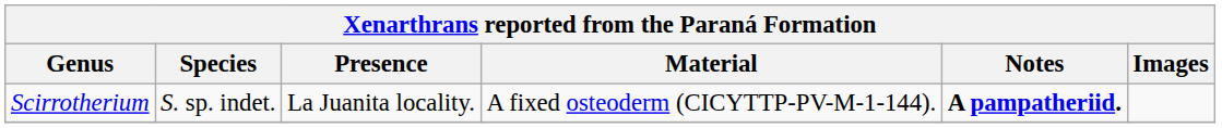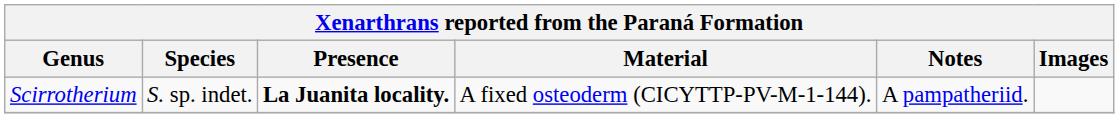 <table class="wikitable" align="center">
 <tr>
 <th colspan="6" align="center"><strong><a href='#'>Xenarthrans</a> reported from the Paraná Formation</strong></th>
 </tr>
 <tr>
 <th>Genus</th>
 <th>Species</th>
 <th>Presence</th>
 <th><strong>Material</strong></th>
 <th>Notes</th>
 <th>Images</th>
 </tr>
 <tr>
 <td><em><a href='#'>Scirrotherium</a></em></td>
 <td><em>S.</em> sp. indet.</td>
-<td>La Juanita locality.</td>
+<td><strong>La Juanita locality.</strong></td>
 <td>A fixed <a href='#'>osteoderm</a> (CICYTTP-PV-M-1-144).</td>
-<td><strong>A <a href='#'>pampatheriid</a>.</strong></td>
+<td>A <a href='#'>pampatheriid</a>.</td>
 <td></td>
 </tr>
 <tr>
 </tr>
 </table>
